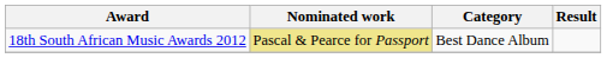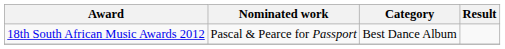 <table class="wikitable plainrowheaders" style="text-align:center;">
 <tr>
 <th>Award</th>
 <th>Nominated work</th>
 <th>Category</th>
 <th>Result</th>
 </tr>
 <tr>
 <td><a href='#'>18th South African Music Awards 2012</a></td>
-<td style="background: khaki;">Pascal & Pearce for <em>Passport</em></td>
+<td>Pascal & Pearce for <em>Passport</em></td>
 <td>Best Dance Album</td>
 <td></td>
 </tr>
 <tr>
 </tr>
 </table>
